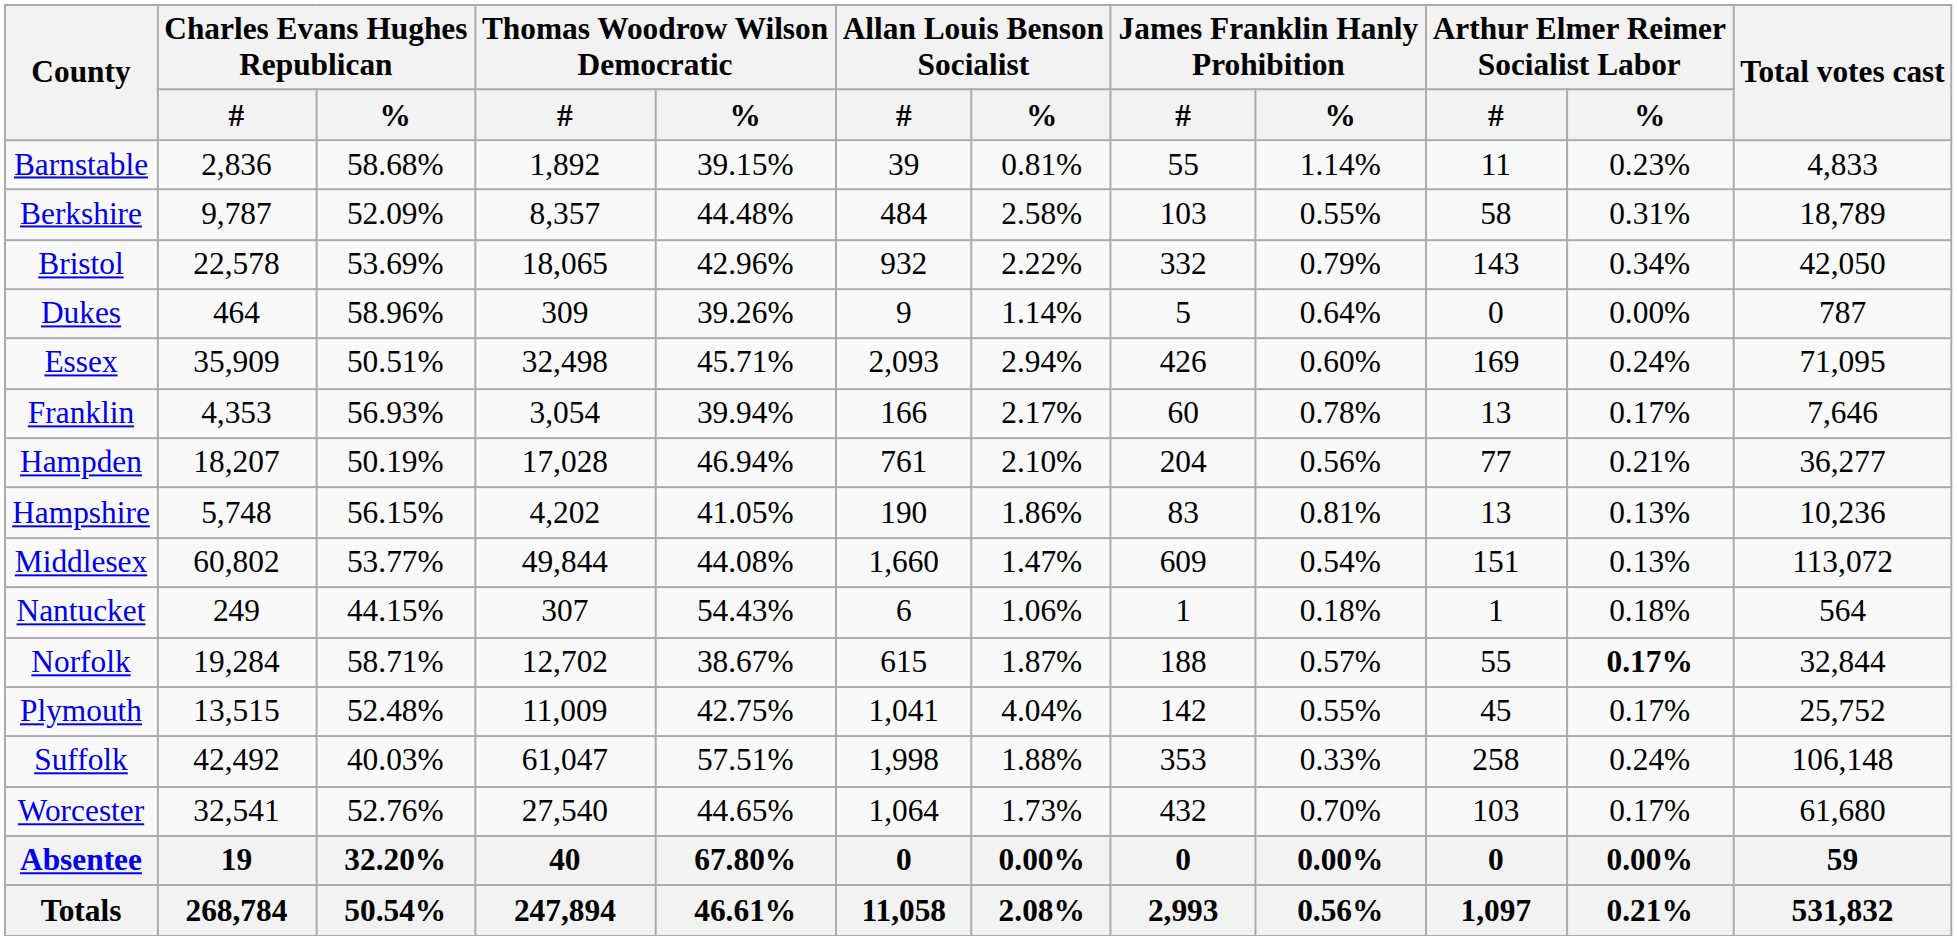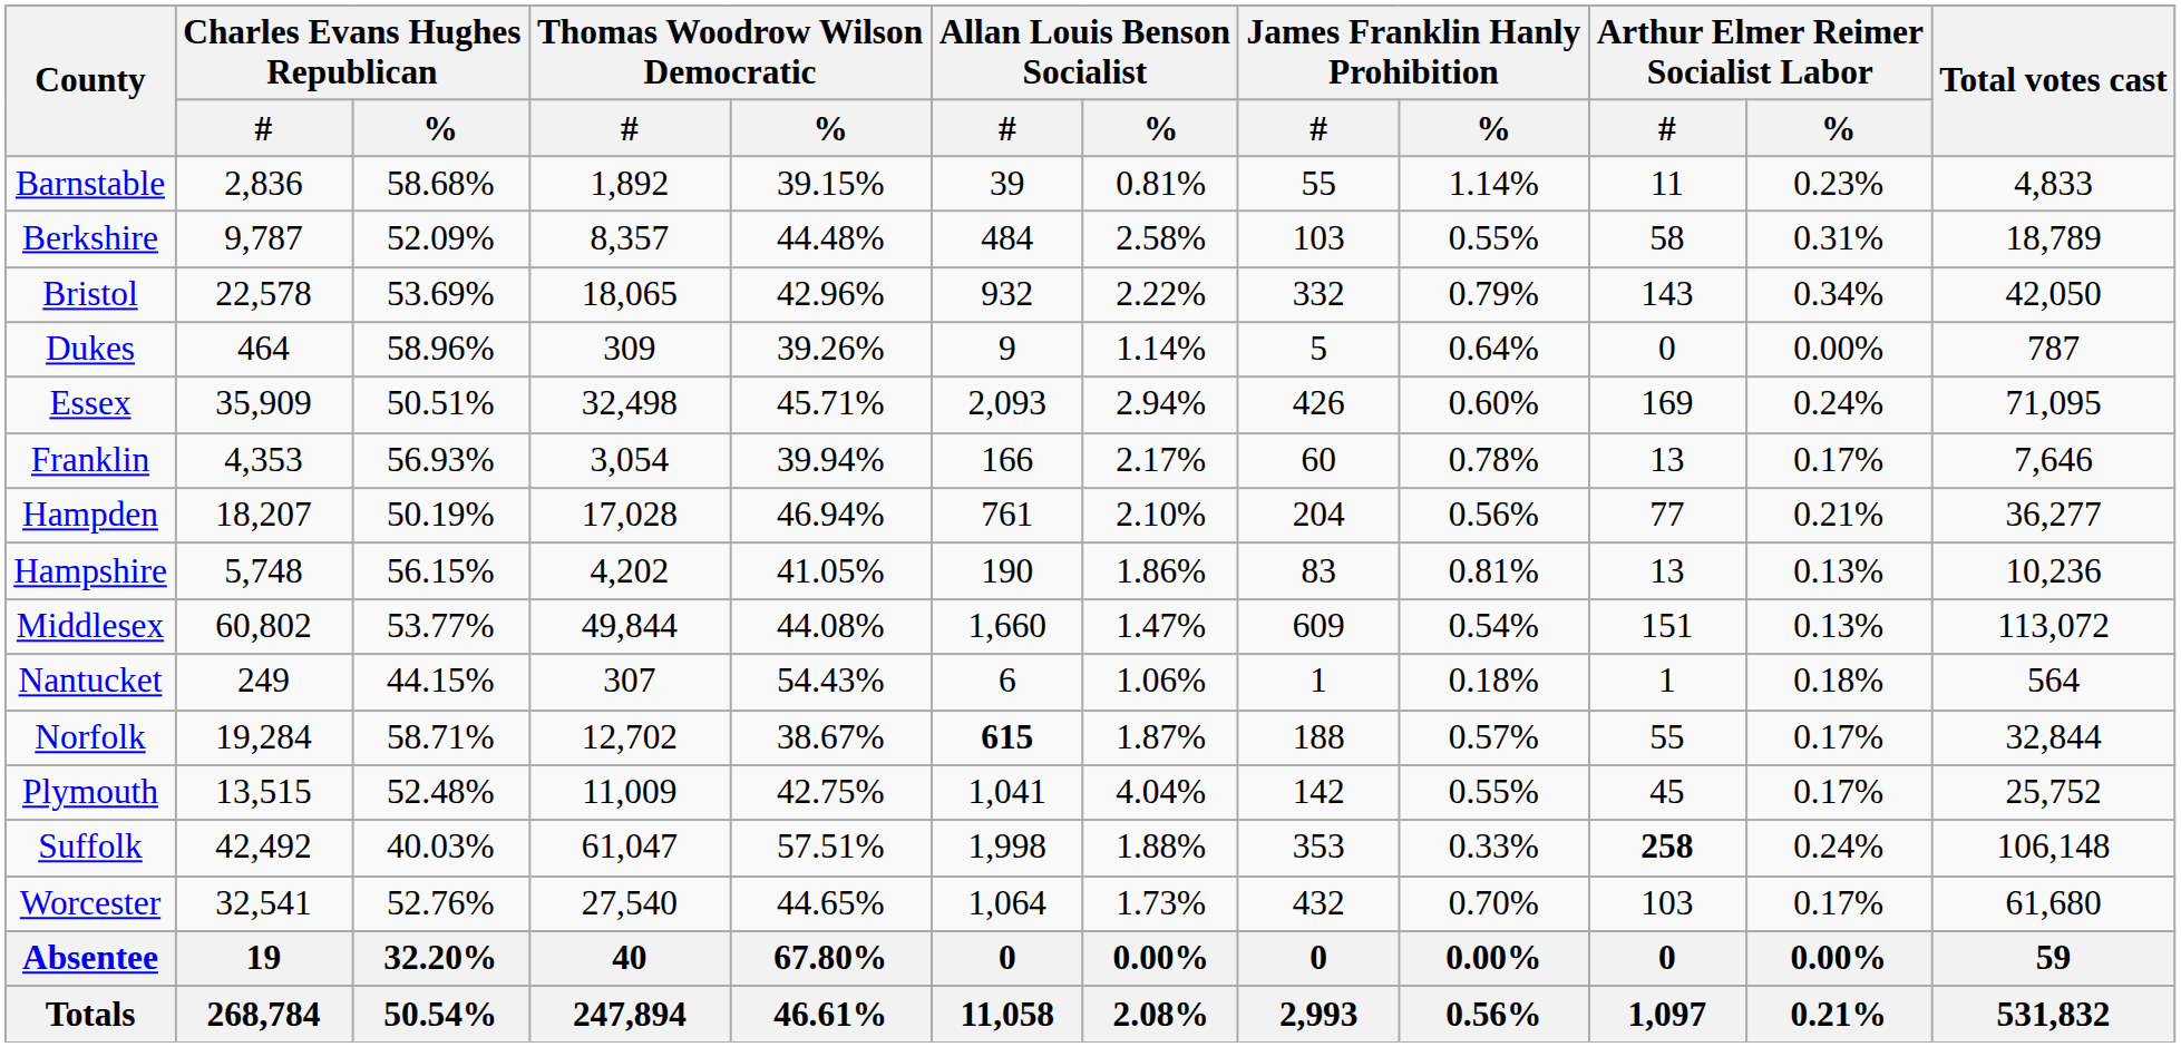 <table class="wikitable sortable">
 <tr>
 <th rowspan="2">County</th>
 <th colspan="2">Charles Evans Hughes<br>Republican</th>
 <th colspan="2">Thomas Woodrow Wilson<br>Democratic</th>
 <th colspan="2">Allan Louis Benson<br>Socialist</th>
 <th colspan="2">James Franklin Hanly<br>Prohibition</th>
 <th colspan="2">Arthur Elmer Reimer<br>Socialist Labor</th>
 <th rowspan="2">Total votes cast</th>
 </tr>
 <tr bgcolor="lightgrey">
 <th data-sort-type="number">#</th>
 <th data-sort-type="number">%</th>
 <th data-sort-type="number">#</th>
 <th data-sort-type="number">%</th>
 <th data-sort-type="number">#</th>
 <th data-sort-type="number">%</th>
 <th data-sort-type="number">#</th>
 <th data-sort-type="number">%</th>
 <th data-sort-type="number">#</th>
 <th data-sort-type="number">%</th>
 </tr>
 <tr style="text-align:center;">
 <td><a href='#'>Barnstable</a></td>
 <td>2,836</td>
 <td>58.68%</td>
 <td>1,892</td>
 <td>39.15%</td>
 <td>39</td>
 <td>0.81%</td>
 <td>55</td>
 <td>1.14%</td>
 <td>11</td>
 <td>0.23%</td>
 <td>4,833</td>
 </tr>
 <tr style="text-align:center;">
 <td><a href='#'>Berkshire</a></td>
 <td>9,787</td>
 <td>52.09%</td>
 <td>8,357</td>
 <td>44.48%</td>
 <td>484</td>
 <td>2.58%</td>
 <td>103</td>
 <td>0.55%</td>
 <td>58</td>
 <td>0.31%</td>
 <td>18,789</td>
 </tr>
 <tr style="text-align:center;">
 <td><a href='#'>Bristol</a></td>
 <td>22,578</td>
 <td>53.69%</td>
 <td>18,065</td>
 <td>42.96%</td>
 <td>932</td>
 <td>2.22%</td>
 <td>332</td>
 <td>0.79%</td>
 <td>143</td>
 <td>0.34%</td>
 <td>42,050</td>
 </tr>
 <tr style="text-align:center;">
 <td><a href='#'>Dukes</a></td>
 <td>464</td>
 <td>58.96%</td>
 <td>309</td>
 <td>39.26%</td>
 <td>9</td>
 <td>1.14%</td>
 <td>5</td>
 <td>0.64%</td>
 <td>0</td>
 <td>0.00%</td>
 <td>787</td>
 </tr>
 <tr style="text-align:center;">
 <td><a href='#'>Essex</a></td>
 <td>35,909</td>
 <td>50.51%</td>
 <td>32,498</td>
 <td>45.71%</td>
 <td>2,093</td>
 <td>2.94%</td>
 <td>426</td>
 <td>0.60%</td>
 <td>169</td>
 <td>0.24%</td>
 <td>71,095</td>
 </tr>
 <tr style="text-align:center;">
 <td><a href='#'>Franklin</a></td>
 <td>4,353</td>
 <td>56.93%</td>
 <td>3,054</td>
 <td>39.94%</td>
 <td>166</td>
 <td>2.17%</td>
 <td>60</td>
 <td>0.78%</td>
 <td>13</td>
 <td>0.17%</td>
 <td>7,646</td>
 </tr>
 <tr style="text-align:center;">
 <td><a href='#'>Hampden</a></td>
 <td>18,207</td>
 <td>50.19%</td>
 <td>17,028</td>
 <td>46.94%</td>
 <td>761</td>
 <td>2.10%</td>
 <td>204</td>
 <td>0.56%</td>
 <td>77</td>
 <td>0.21%</td>
 <td>36,277</td>
 </tr>
 <tr style="text-align:center;">
 <td><a href='#'>Hampshire</a></td>
 <td>5,748</td>
 <td>56.15%</td>
 <td>4,202</td>
 <td>41.05%</td>
 <td>190</td>
 <td>1.86%</td>
 <td>83</td>
 <td>0.81%</td>
 <td>13</td>
 <td>0.13%</td>
 <td>10,236</td>
 </tr>
 <tr style="text-align:center;">
 <td><a href='#'>Middlesex</a></td>
 <td>60,802</td>
 <td>53.77%</td>
 <td>49,844</td>
 <td>44.08%</td>
 <td>1,660</td>
 <td>1.47%</td>
 <td>609</td>
 <td>0.54%</td>
 <td>151</td>
 <td>0.13%</td>
 <td>113,072</td>
 </tr>
 <tr style="text-align:center;">
 <td><a href='#'>Nantucket</a></td>
 <td>249</td>
 <td>44.15%</td>
 <td>307</td>
 <td>54.43%</td>
 <td>6</td>
 <td>1.06%</td>
 <td>1</td>
 <td>0.18%</td>
 <td>1</td>
 <td>0.18%</td>
 <td>564</td>
 </tr>
 <tr style="text-align:center;">
 <td><a href='#'>Norfolk</a></td>
 <td>19,284</td>
 <td>58.71%</td>
 <td>12,702</td>
 <td>38.67%</td>
-<td>615</td>
+<td><strong>615</strong></td>
 <td>1.87%</td>
 <td>188</td>
 <td>0.57%</td>
 <td>55</td>
-<td><strong>0.17%</strong></td>
+<td>0.17%</td>
 <td>32,844</td>
 </tr>
 <tr style="text-align:center;">
 <td><a href='#'>Plymouth</a></td>
 <td>13,515</td>
 <td>52.48%</td>
 <td>11,009</td>
 <td>42.75%</td>
 <td>1,041</td>
 <td>4.04%</td>
 <td>142</td>
 <td>0.55%</td>
 <td>45</td>
 <td>0.17%</td>
 <td>25,752</td>
 </tr>
 <tr style="text-align:center;">
 <td><a href='#'>Suffolk</a></td>
 <td>42,492</td>
 <td>40.03%</td>
 <td>61,047</td>
 <td>57.51%</td>
 <td>1,998</td>
 <td>1.88%</td>
 <td>353</td>
 <td>0.33%</td>
-<td>258</td>
+<td><strong>258</strong></td>
 <td>0.24%</td>
 <td>106,148</td>
 </tr>
 <tr style="text-align:center;">
 <td><a href='#'>Worcester</a></td>
 <td>32,541</td>
 <td>52.76%</td>
 <td>27,540</td>
 <td>44.65%</td>
 <td>1,064</td>
 <td>1.73%</td>
 <td>432</td>
 <td>0.70%</td>
 <td>103</td>
 <td>0.17%</td>
 <td>61,680</td>
 </tr>
 <tr style="text-align:center;">
 <th><a href='#'>Absentee</a></th>
 <th>19</th>
 <th>32.20%</th>
 <th>40</th>
 <th>67.80%</th>
 <th>0</th>
 <th>0.00%</th>
 <th>0</th>
 <th>0.00%</th>
 <th>0</th>
 <th>0.00%</th>
 <th>59</th>
 </tr>
 <tr>
 <th>Totals</th>
 <th>268,784</th>
 <th>50.54%</th>
 <th>247,894</th>
 <th>46.61%</th>
 <th>11,058</th>
 <th>2.08%</th>
 <th>2,993</th>
 <th>0.56%</th>
 <th>1,097</th>
 <th>0.21%</th>
 <th>531,832</th>
 </tr>
 </table>
